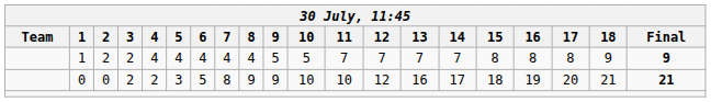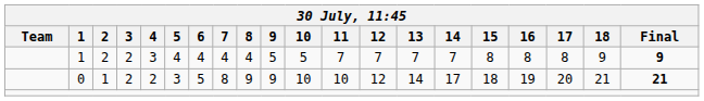 <table class=wikitable style="text-align:center; width: 55%">
 <tr>
 <th colspan=20><em>30 July, 11:45</em></th>
 </tr>
 <tr>
 <th>Team</th>
 <th>1</th>
 <th>2</th>
 <th>3</th>
 <th>4</th>
 <th>5</th>
 <th>6</th>
 <th>7</th>
 <th>8</th>
 <th>9</th>
 <th>10</th>
 <th>11</th>
 <th>12</th>
 <th>13</th>
 <th>14</th>
 <th>15</th>
 <th>16</th>
 <th>17</th>
 <th>18</th>
 <th>Final</th>
 </tr>
 <tr>
 <td align=left></td>
 <td>1</td>
 <td>2</td>
 <td>2</td>
-<td>4</td>
+<td>3</td>
 <td>4</td>
 <td>4</td>
 <td>4</td>
 <td>4</td>
 <td>5</td>
 <td>5</td>
 <td>7</td>
 <td>7</td>
 <td>7</td>
 <td>7</td>
 <td>8</td>
 <td>8</td>
 <td>8</td>
 <td>9</td>
 <td><strong>9</strong></td>
 </tr>
 <tr>
 <td align=left><strong></strong></td>
 <td>0</td>
-<td>0</td>
+<td>1</td>
 <td>2</td>
 <td>2</td>
 <td>3</td>
 <td>5</td>
 <td>8</td>
 <td>9</td>
 <td>9</td>
 <td>10</td>
 <td>10</td>
 <td>12</td>
-<td>16</td>
+<td>14</td>
 <td>17</td>
 <td>18</td>
 <td>19</td>
 <td>20</td>
 <td>21</td>
 <td><strong>21</strong></td>
 </tr>
 <tr>
 <td colspan=20></td>
 </tr>
 </table>
